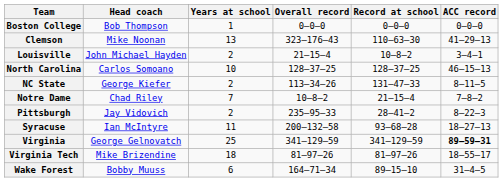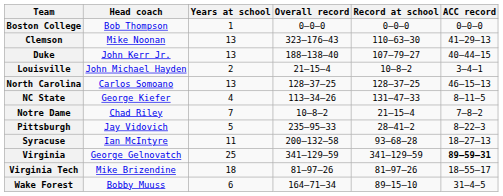 <table class="wikitable sortable" style="text-align: center;">
 <tr>
 <th width="110">Team</th>
 <th>Head coach</th>
 <th>Years at school</th>
 <th>Overall record</th>
 <th>Record at school</th>
 <th>ACC record</th>
 </tr>
 <tr>
 <th>Boston College</th>
 <td><a href='#'>Bob Thompson</a></td>
 <td>1</td>
 <td>0–0–0</td>
 <td>0–0–0</td>
 <td>0–0–0</td>
 </tr>
 <tr>
 <th>Clemson</th>
 <td><a href='#'>Mike Noonan</a></td>
 <td>13</td>
 <td>323–176–43</td>
 <td>110–63–30</td>
 <td>41–29–13</td>
 </tr>
 <tr>
+<th>Duke</th>
+<td><a href='#'>John Kerr Jr.</a></td>
+<td>13</td>
+<td>188–138–40</td>
+<td>107–79–27</td>
+<td>40–44–15</td>
+</tr>
+<tr>
 <th>Louisville</th>
 <td><a href='#'>John Michael Hayden</a></td>
 <td>2</td>
 <td>21–15–4</td>
 <td>10–8–2</td>
 <td>3–4–1</td>
 </tr>
 <tr>
 <th>North Carolina</th>
 <td><a href='#'>Carlos Somoano</a></td>
-<td>10</td>
+<td>13</td>
 <td>128–37–25</td>
 <td>128–37–25</td>
 <td>46–15–13</td>
 </tr>
 <tr>
 <th>NC State</th>
 <td><a href='#'>George Kiefer</a></td>
-<td>2</td>
+<td>4</td>
 <td>113–34–26</td>
 <td>131–47–33</td>
 <td>8–11–5</td>
 </tr>
 <tr>
 <th>Notre Dame</th>
 <td><a href='#'>Chad Riley</a></td>
 <td>7</td>
 <td>10–8–2</td>
 <td>21–15–4</td>
 <td>7–8–2</td>
 </tr>
 <tr>
 <th>Pittsburgh</th>
 <td><a href='#'>Jay Vidovich</a></td>
-<td>2</td>
+<td>5</td>
 <td>235–95–33</td>
 <td>28–41–2</td>
 <td>8–22–3</td>
 </tr>
 <tr>
 <th>Syracuse</th>
 <td><a href='#'>Ian McIntyre</a></td>
 <td>11</td>
 <td>200–132–58</td>
 <td>93–68–28</td>
 <td>18–27–13</td>
 </tr>
 <tr>
 <th>Virginia</th>
 <td><a href='#'>George Gelnovatch</a></td>
 <td>25</td>
 <td>341–129–59</td>
 <td>341–129–59</td>
 <td><strong>89–59–31</strong></td>
 </tr>
 <tr>
 <th>Virginia Tech</th>
 <td><a href='#'>Mike Brizendine</a></td>
 <td>18</td>
 <td>81–97–26</td>
 <td>81–97–26</td>
 <td>18–55–17</td>
 </tr>
 <tr>
 <th>Wake Forest</th>
 <td><a href='#'>Bobby Muuss</a></td>
 <td>6</td>
 <td>164–71–34</td>
 <td>89–15–10</td>
 <td>31–4–5</td>
 </tr>
 </table>
